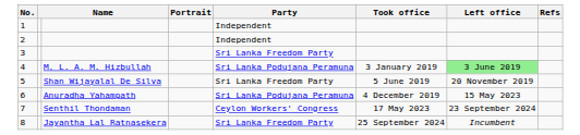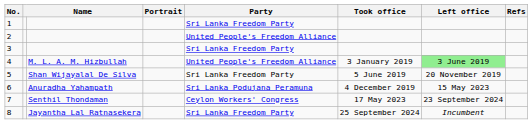 <table class="wikitable plainrowheaders sortable" style="margin:1em auto; font-size:100%; text-align:left;">
 <tr>
 <th>No.</th>
 <th colspan="2">Name</th>
 <th class=unsortable>Portrait</th>
 <th>Party</th>
 <th>Took office</th>
 <th>Left office</th>
 <th class=unsortable>Refs</th>
 </tr>
 <tr>
 <td>1</td>
 <td align="center" style="background:"></td>
 <td></td>
 <td></td>
-<td>Independent</td>
+<td><a href='#'>Sri Lanka Freedom Party</a></td>
 <td align=center></td>
 <td align=center></td>
 <td align=center></td>
 </tr>
 <tr>
 <td>2</td>
 <td align="center" style="background:"></td>
 <td></td>
 <td></td>
-<td>Independent</td>
+<td><a href='#'>United People's Freedom Alliance</a></td>
 <td align=center></td>
 <td align=center></td>
 <td align=center></td>
 </tr>
 <tr>
 <td>3</td>
 <td align="center" style="background:"></td>
 <td></td>
 <td align=center></td>
 <td><a href='#'>Sri Lanka Freedom Party</a></td>
 <td align=center></td>
 <td align=center></td>
 <td align=center></td>
 </tr>
 <tr>
 <td>4</td>
 <td align="center" style="background:"></td>
 <td><a href='#'>M. L. A. M. Hizbullah</a></td>
 <td></td>
-<td><a href='#'>Sri Lanka Podujana Peramuna</a></td>
+<td><a href='#'>United People's Freedom Alliance</a></td>
 <td align=center>3 January 2019</td>
 <td align=center style="background: lightgreen;">3 June 2019</td>
 <td align=center></td>
 </tr>
 <tr>
 <td>5</td>
 <td align="center" style="background:"></td>
 <td><a href='#'>Shan Wijayalal De Silva</a></td>
 <td></td>
 <td>Sri Lanka Freedom Party</td>
 <td align=center>5 June 2019</td>
 <td align=center>20 November 2019</td>
 <td align=center></td>
 </tr>
 <tr>
 <td>6</td>
 <td align="center" style="background:"></td>
 <td><a href='#'>Anuradha Yahampath</a></td>
 <td></td>
 <td><a href='#'>Sri Lanka Podujana Peramuna</a></td>
 <td align=center>4 December 2019</td>
 <td align=center>15 May 2023</td>
 <td align=center></td>
 </tr>
 <tr>
 <td>7</td>
 <td align="center" style="background:"></td>
 <td><a href='#'>Senthil Thondaman</a></td>
 <td></td>
 <td><a href='#'>Ceylon Workers' Congress</a></td>
 <td align=center>17 May 2023</td>
 <td align=center>23 September 2024</td>
 <td align=center></td>
 </tr>
 <tr>
 <td>8</td>
 <td align="center" style="background:"></td>
 <td><a href='#'>Jayantha Lal Ratnasekera</a></td>
 <td></td>
 <td><a href='#'>Sri Lanka Freedom Party</a></td>
 <td align=center>25 September 2024</td>
 <td align=center><em>Incumbent</em></td>
 <td align=center></td>
 </tr>
 </table>
